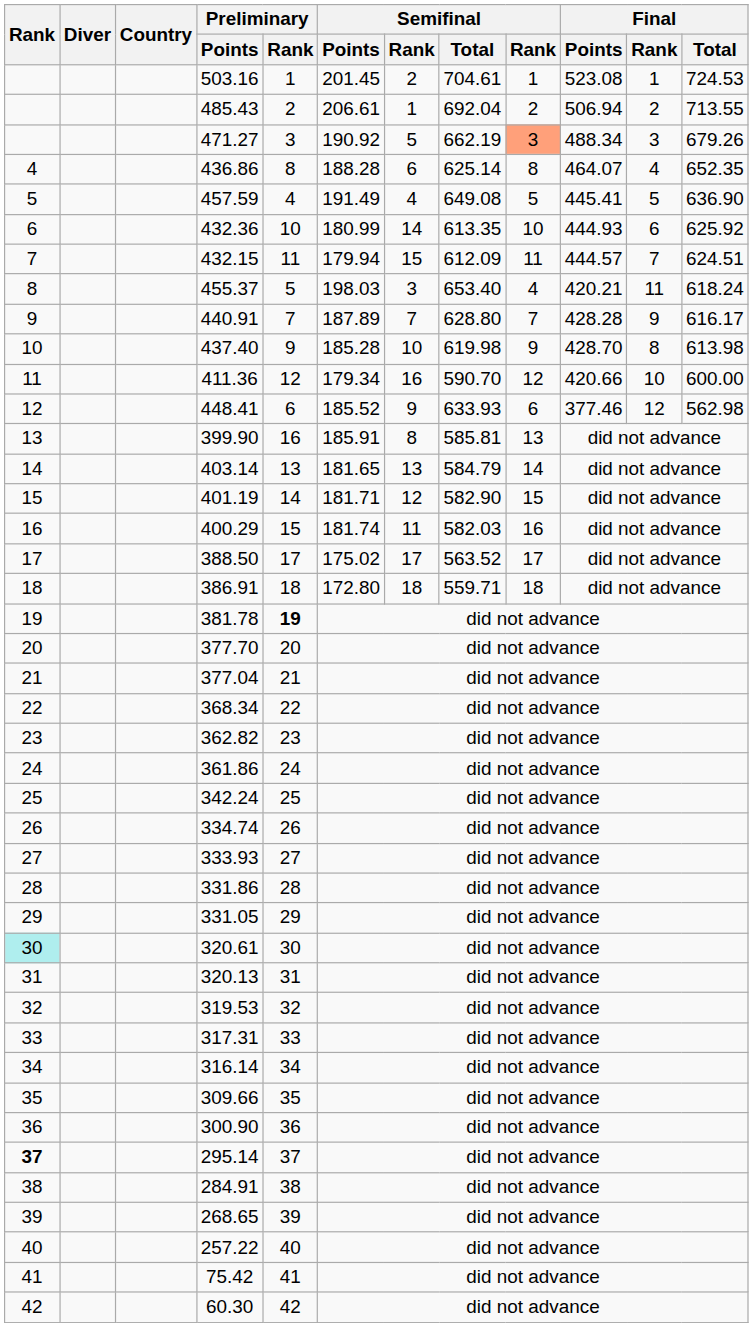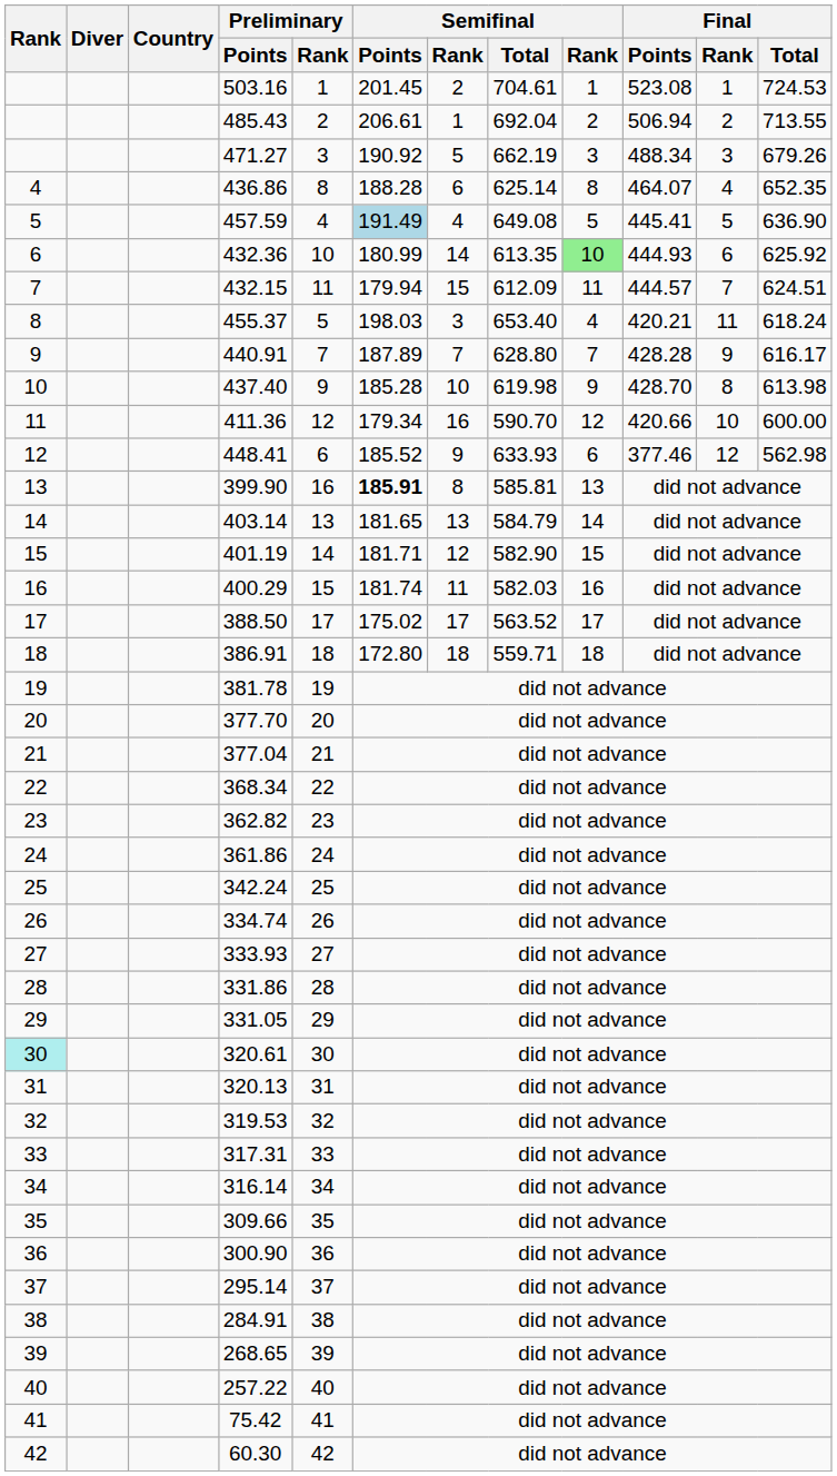 <table class="wikitable sortable" style="text-align:center">
 <tr>
 <th rowspan="2">Rank</th>
 <th rowspan="2">Diver</th>
 <th rowspan="2">Country</th>
 <th colspan="2">Preliminary</th>
 <th colspan="4">Semifinal</th>
 <th colspan="3">Final</th>
 </tr>
 <tr>
 <th>Points</th>
 <th>Rank</th>
 <th>Points</th>
 <th>Rank</th>
 <th>Total</th>
 <th>Rank</th>
 <th>Points</th>
 <th>Rank</th>
 <th>Total</th>
 </tr>
 <tr>
 <td></td>
 <td align=left></td>
 <td align=left></td>
 <td>503.16</td>
 <td>1</td>
 <td>201.45</td>
 <td>2</td>
 <td>704.61</td>
 <td>1</td>
 <td>523.08</td>
 <td>1</td>
 <td>724.53</td>
 </tr>
 <tr>
 <td></td>
 <td align=left></td>
 <td align=left></td>
 <td>485.43</td>
 <td>2</td>
 <td>206.61</td>
 <td>1</td>
 <td>692.04</td>
 <td>2</td>
 <td>506.94</td>
 <td>2</td>
 <td>713.55</td>
 </tr>
 <tr>
 <td></td>
 <td align=left></td>
 <td align=left></td>
 <td>471.27</td>
 <td>3</td>
 <td>190.92</td>
 <td>5</td>
 <td>662.19</td>
-<td style="background: lightsalmon;">3</td>
+<td>3</td>
 <td>488.34</td>
 <td>3</td>
 <td>679.26</td>
 </tr>
 <tr>
 <td>4</td>
 <td align=left></td>
 <td align=left></td>
 <td>436.86</td>
 <td>8</td>
 <td>188.28</td>
 <td>6</td>
 <td>625.14</td>
 <td>8</td>
 <td>464.07</td>
 <td>4</td>
 <td>652.35</td>
 </tr>
 <tr>
 <td>5</td>
 <td align=left></td>
 <td align=left></td>
 <td>457.59</td>
 <td>4</td>
-<td>191.49</td>
+<td style="background: lightblue;">191.49</td>
 <td>4</td>
 <td>649.08</td>
 <td>5</td>
 <td>445.41</td>
 <td>5</td>
 <td>636.90</td>
 </tr>
 <tr>
 <td>6</td>
 <td align=left></td>
 <td align=left></td>
 <td>432.36</td>
 <td>10</td>
 <td>180.99</td>
 <td>14</td>
 <td>613.35</td>
-<td>10</td>
+<td style="background: lightgreen;">10</td>
 <td>444.93</td>
 <td>6</td>
 <td>625.92</td>
 </tr>
 <tr>
 <td>7</td>
 <td align=left></td>
 <td align=left></td>
 <td>432.15</td>
 <td>11</td>
 <td>179.94</td>
 <td>15</td>
 <td>612.09</td>
 <td>11</td>
 <td>444.57</td>
 <td>7</td>
 <td>624.51</td>
 </tr>
 <tr>
 <td>8</td>
 <td align=left></td>
 <td align=left></td>
 <td>455.37</td>
 <td>5</td>
 <td>198.03</td>
 <td>3</td>
 <td>653.40</td>
 <td>4</td>
 <td>420.21</td>
 <td>11</td>
 <td>618.24</td>
 </tr>
 <tr>
 <td>9</td>
 <td align=left></td>
 <td align=left></td>
 <td>440.91</td>
 <td>7</td>
 <td>187.89</td>
 <td>7</td>
 <td>628.80</td>
 <td>7</td>
 <td>428.28</td>
 <td>9</td>
 <td>616.17</td>
 </tr>
 <tr>
 <td>10</td>
 <td align=left></td>
 <td align=left></td>
 <td>437.40</td>
 <td>9</td>
 <td>185.28</td>
 <td>10</td>
 <td>619.98</td>
 <td>9</td>
 <td>428.70</td>
 <td>8</td>
 <td>613.98</td>
 </tr>
 <tr>
 <td>11</td>
 <td align=left></td>
 <td align=left></td>
 <td>411.36</td>
 <td>12</td>
 <td>179.34</td>
 <td>16</td>
 <td>590.70</td>
 <td>12</td>
 <td>420.66</td>
 <td>10</td>
 <td>600.00</td>
 </tr>
 <tr>
 <td>12</td>
 <td align=left></td>
 <td align=left></td>
 <td>448.41</td>
 <td>6</td>
 <td>185.52</td>
 <td>9</td>
 <td>633.93</td>
 <td>6</td>
 <td>377.46</td>
 <td>12</td>
 <td>562.98</td>
 </tr>
 <tr>
 <td>13</td>
 <td align=left></td>
 <td align=left></td>
 <td>399.90</td>
 <td>16</td>
-<td>185.91</td>
+<td><strong>185.91</strong></td>
 <td>8</td>
 <td>585.81</td>
 <td>13</td>
 <td colspan=3>did not advance</td>
 </tr>
 <tr>
 <td>14</td>
 <td align=left></td>
 <td align=left></td>
 <td>403.14</td>
 <td>13</td>
 <td>181.65</td>
 <td>13</td>
 <td>584.79</td>
 <td>14</td>
 <td colspan=3>did not advance</td>
 </tr>
 <tr>
 <td>15</td>
 <td align=left></td>
 <td align=left></td>
 <td>401.19</td>
 <td>14</td>
 <td>181.71</td>
 <td>12</td>
 <td>582.90</td>
 <td>15</td>
 <td colspan=3>did not advance</td>
 </tr>
 <tr>
 <td>16</td>
 <td align=left></td>
 <td align=left></td>
 <td>400.29</td>
 <td>15</td>
 <td>181.74</td>
 <td>11</td>
 <td>582.03</td>
 <td>16</td>
 <td colspan=3>did not advance</td>
 </tr>
 <tr>
 <td>17</td>
 <td align=left></td>
 <td align=left></td>
 <td>388.50</td>
 <td>17</td>
 <td>175.02</td>
 <td>17</td>
 <td>563.52</td>
 <td>17</td>
 <td colspan=3>did not advance</td>
 </tr>
 <tr>
 <td>18</td>
 <td align=left></td>
 <td align=left></td>
 <td>386.91</td>
 <td>18</td>
 <td>172.80</td>
 <td>18</td>
 <td>559.71</td>
 <td>18</td>
 <td colspan=3>did not advance</td>
 </tr>
 <tr>
 <td>19</td>
 <td align=left></td>
 <td align=left></td>
 <td>381.78</td>
-<td><strong>19</strong></td>
+<td>19</td>
 <td colspan=7>did not advance</td>
 </tr>
 <tr>
 <td>20</td>
 <td align=left></td>
 <td align=left></td>
 <td>377.70</td>
 <td>20</td>
 <td colspan=7>did not advance</td>
 </tr>
 <tr>
 <td>21</td>
 <td align=left></td>
 <td align=left></td>
 <td>377.04</td>
 <td>21</td>
 <td colspan=7>did not advance</td>
 </tr>
 <tr>
 <td>22</td>
 <td align=left></td>
 <td align=left></td>
 <td>368.34</td>
 <td>22</td>
 <td colspan=7>did not advance</td>
 </tr>
 <tr>
 <td>23</td>
 <td align=left></td>
 <td align=left></td>
 <td>362.82</td>
 <td>23</td>
 <td colspan=7>did not advance</td>
 </tr>
 <tr>
 <td>24</td>
 <td align=left></td>
 <td align=left></td>
 <td>361.86</td>
 <td>24</td>
 <td colspan=7>did not advance</td>
 </tr>
 <tr>
 <td>25</td>
 <td align=left></td>
 <td align=left></td>
 <td>342.24</td>
 <td>25</td>
 <td colspan=7>did not advance</td>
 </tr>
 <tr>
 <td>26</td>
 <td align=left></td>
 <td align=left></td>
 <td>334.74</td>
 <td>26</td>
 <td colspan=7>did not advance</td>
 </tr>
 <tr>
 <td>27</td>
 <td align=left></td>
 <td align=left></td>
 <td>333.93</td>
 <td>27</td>
 <td colspan=7>did not advance</td>
 </tr>
 <tr>
 <td>28</td>
 <td align=left></td>
 <td align=left></td>
 <td>331.86</td>
 <td>28</td>
 <td colspan=7>did not advance</td>
 </tr>
 <tr>
 <td>29</td>
 <td align=left></td>
 <td align=left></td>
 <td>331.05</td>
 <td>29</td>
 <td colspan=7>did not advance</td>
 </tr>
 <tr>
 <td style="background: paleturquoise;">30</td>
 <td align=left></td>
 <td align=left></td>
 <td>320.61</td>
 <td>30</td>
 <td colspan=7>did not advance</td>
 </tr>
 <tr>
 <td>31</td>
 <td align=left></td>
 <td align=left></td>
 <td>320.13</td>
 <td>31</td>
 <td colspan=7>did not advance</td>
 </tr>
 <tr>
 <td>32</td>
 <td align=left></td>
 <td align=left></td>
 <td>319.53</td>
 <td>32</td>
 <td colspan=7>did not advance</td>
 </tr>
 <tr>
 <td>33</td>
 <td align=left></td>
 <td align=left></td>
 <td>317.31</td>
 <td>33</td>
 <td colspan=7>did not advance</td>
 </tr>
 <tr>
 <td>34</td>
 <td align=left></td>
 <td align=left></td>
 <td>316.14</td>
 <td>34</td>
 <td colspan=7>did not advance</td>
 </tr>
 <tr>
 <td>35</td>
 <td align=left></td>
 <td align=left></td>
 <td>309.66</td>
 <td>35</td>
 <td colspan=7>did not advance</td>
 </tr>
 <tr>
 <td>36</td>
 <td align=left></td>
 <td align=left></td>
 <td>300.90</td>
 <td>36</td>
 <td colspan=7>did not advance</td>
 </tr>
 <tr>
-<td><strong>37</strong></td>
+<td>37</td>
 <td align=left></td>
 <td align=left></td>
 <td>295.14</td>
 <td>37</td>
 <td colspan=7>did not advance</td>
 </tr>
 <tr>
 <td>38</td>
 <td align=left></td>
 <td align=left></td>
 <td>284.91</td>
 <td>38</td>
 <td colspan=7>did not advance</td>
 </tr>
 <tr>
 <td>39</td>
 <td align=left></td>
 <td align=left></td>
 <td>268.65</td>
 <td>39</td>
 <td colspan=7>did not advance</td>
 </tr>
 <tr>
 <td>40</td>
 <td align=left></td>
 <td align=left></td>
 <td>257.22</td>
 <td>40</td>
 <td colspan=7>did not advance</td>
 </tr>
 <tr>
 <td>41</td>
 <td align=left></td>
 <td align=left></td>
 <td>75.42</td>
 <td>41</td>
 <td colspan=7>did not advance</td>
 </tr>
 <tr>
 <td>42</td>
 <td align=left></td>
 <td align=left></td>
 <td>60.30</td>
 <td>42</td>
 <td colspan=7>did not advance</td>
 </tr>
 </table>
